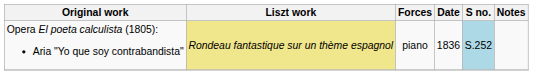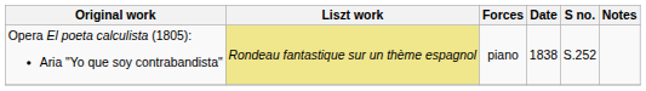 <table class="wikitable">
 <tr>
 <th>Original work</th>
 <th>Liszt work</th>
 <th>Forces</th>
 <th>Date</th>
 <th>S no.</th>
 <th>Notes</th>
 </tr>
 <tr>
 <td>Opera <em>El poeta calculista</em> (1805):<br><ul><li>Aria "Yo que soy contrabandista"</li></ul></td>
 <td style="background: khaki;"><em>Rondeau fantastique sur un thème espagnol</em></td>
 <td style="text-align: center">piano</td>
-<td>1836</td>
-<td style="background: lightblue;">S.252</td>
+<td>1838</td>
+<td>S.252</td>
 <td></td>
 </tr>
 <tr>
 </tr>
 </table>
